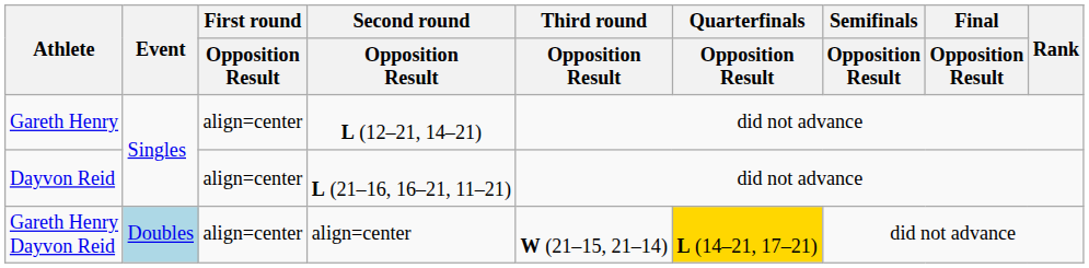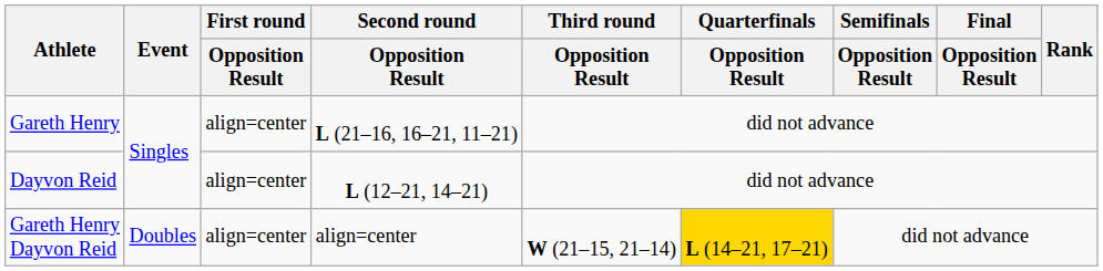 <table class="wikitable" style="font-size:90%">
 <tr>
 <th rowspan="2">Athlete</th>
 <th rowspan="2">Event</th>
 <th>First round</th>
 <th>Second round</th>
 <th>Third round</th>
 <th>Quarterfinals</th>
 <th>Semifinals</th>
 <th>Final</th>
 <th rowspan="2">Rank</th>
 </tr>
 <tr>
 <th>Opposition<br>Result</th>
 <th>Opposition<br>Result</th>
 <th>Opposition<br>Result</th>
 <th>Opposition<br>Result</th>
 <th>Opposition<br>Result</th>
 <th>Opposition<br>Result</th>
 </tr>
 <tr>
 <td><a href='#'>Gareth Henry</a></td>
 <td rowspan="2"><a href='#'>Singles</a></td>
 <td>align=center </td>
-<td align=center><br><strong>L</strong> (12–21, 14–21)</td>
+<td align=center><br><strong>L</strong> (21–16, 16–21, 11–21)</td>
 <td colspan="5" align="center">did not advance</td>
 </tr>
 <tr>
 <td><a href='#'>Dayvon Reid</a></td>
 <td>align=center </td>
-<td align=center><br><strong>L</strong> (21–16, 16–21, 11–21)</td>
+<td align=center><br><strong>L</strong> (12–21, 14–21)</td>
 <td colspan="5" align="center">did not advance</td>
 </tr>
 <tr>
 <td><a href='#'>Gareth Henry</a><br><a href='#'>Dayvon Reid</a></td>
-<td style="background: lightblue;"><a href='#'>Doubles</a></td>
+<td><a href='#'>Doubles</a></td>
 <td>align=center </td>
 <td>align=center </td>
 <td align=center><br><strong>W</strong> (21–15, 21–14)</td>
 <td align=center style="background: gold;"><br><strong>L</strong> (14–21, 17–21)</td>
 <td colspan="3" align="center">did not advance</td>
 </tr>
 </table>
